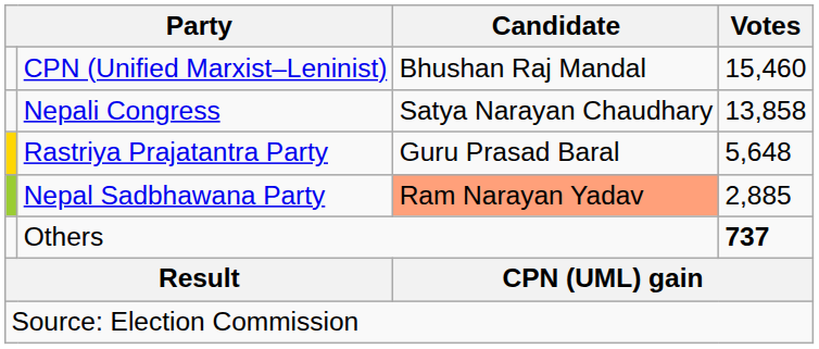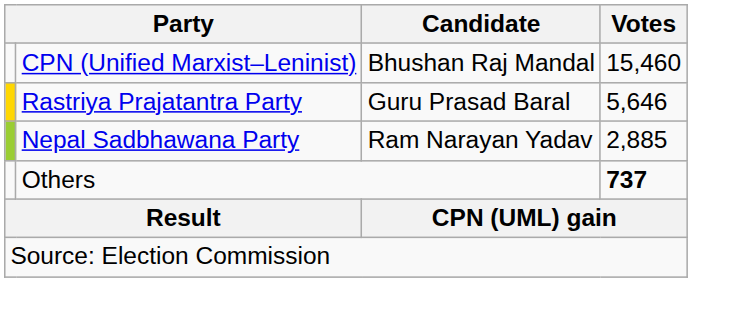 <table class="wikitable">
 <tr>
 <th colspan="2">Party</th>
 <th>Candidate</th>
 <th>Votes</th>
 </tr>
 <tr>
 <td style="background-color:"></td>
 <td><a href='#'>CPN (Unified Marxist–Leninist)</a></td>
 <td>Bhushan Raj Mandal</td>
 <td>15,460</td>
 </tr>
 <tr>
-<td style="background-color:"></td>
-<td><a href='#'>Nepali Congress</a></td>
-<td>Satya Narayan Chaudhary</td>
-<td>13,858</td>
-</tr>
-<tr>
 <td style="background-color:gold"></td>
 <td><a href='#'>Rastriya Prajatantra Party</a></td>
 <td>Guru Prasad Baral</td>
-<td>5,648</td>
+<td>5,646</td>
 </tr>
 <tr>
 <td style="background-color:yellowgreen"></td>
 <td><a href='#'>Nepal Sadbhawana Party</a></td>
-<td style="background: lightsalmon;">Ram Narayan Yadav</td>
+<td>Ram Narayan Yadav</td>
 <td>2,885</td>
 </tr>
 <tr>
 <td></td>
 <td colspan="2">Others</td>
 <td><strong>737</strong></td>
 </tr>
 <tr>
 <th colspan="2">Result</th>
 <th colspan="2">CPN (UML) gain</th>
 </tr>
 <tr>
 <td colspan="4">Source: Election Commission</td>
 </tr>
 </table>
